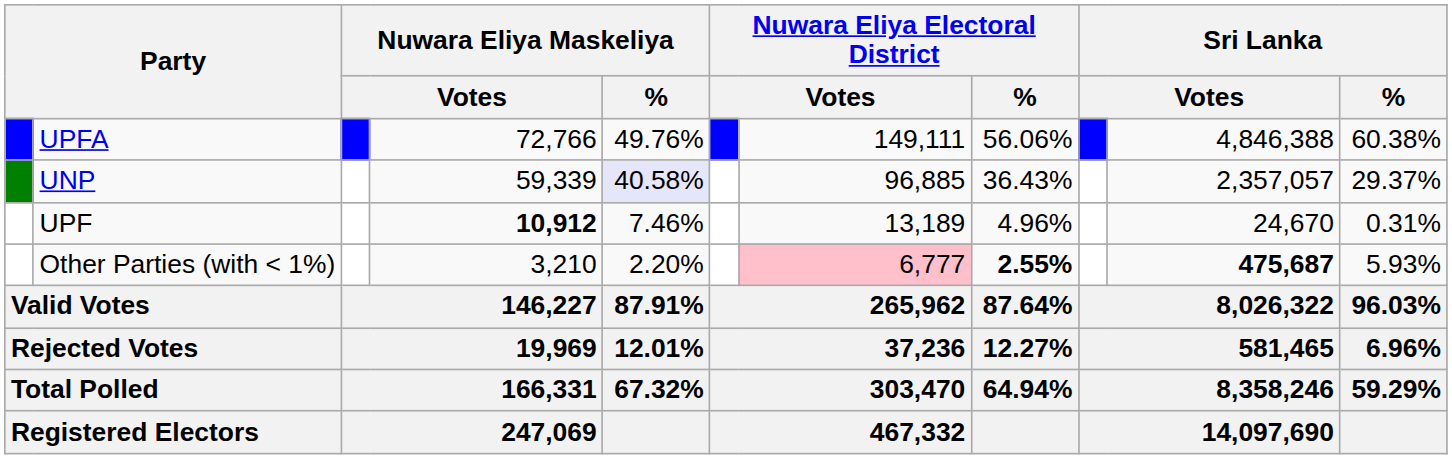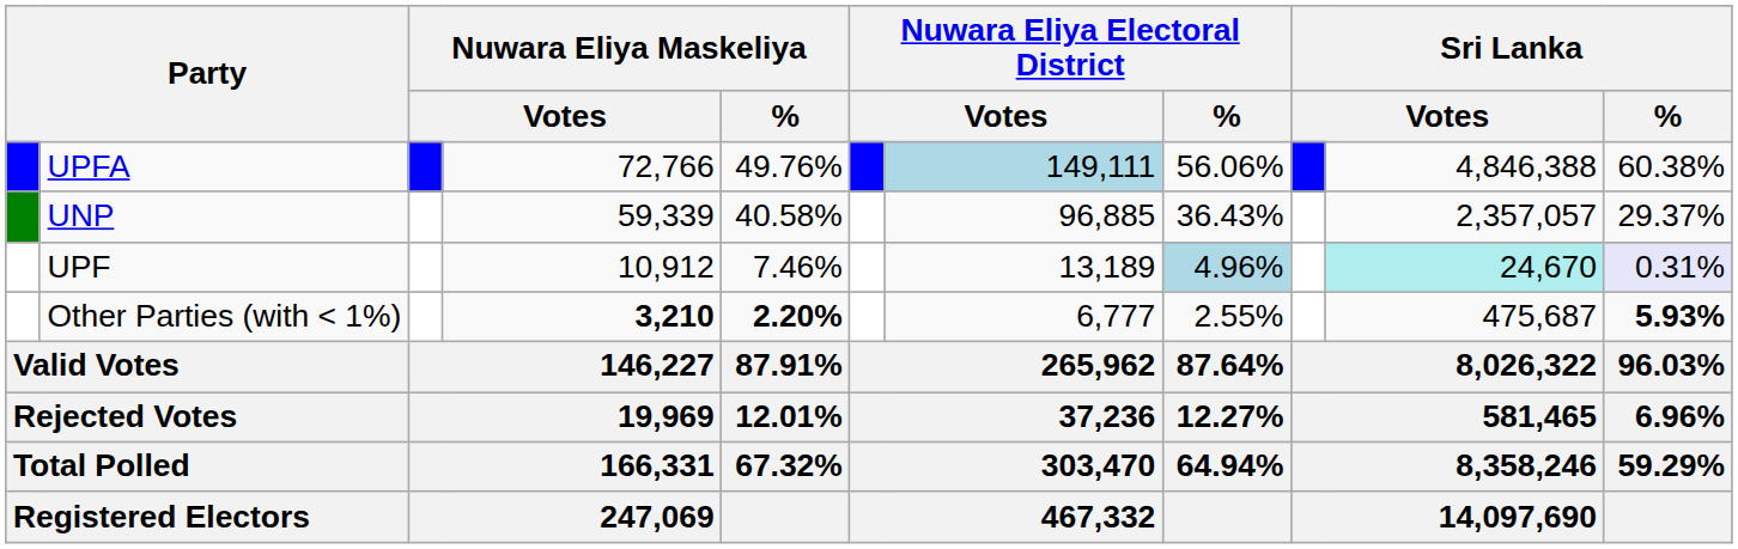 <table class="wikitable">
 <tr>
 <th colspan="2" width="144px"rowspan="2">Party</th>
 <th colspan="3" width="216px">Nuwara Eliya Maskeliya</th>
 <th colspan="3" width="216px"><a href='#'>Nuwara Eliya Electoral District</a></th>
 <th colspan="3" width="216px">Sri Lanka</th>
 </tr>
 <tr>
 <th colspan="2" width="144px">Votes</th>
 <th>%</th>
 <th colspan="2" width="144px">Votes</th>
 <th>%</th>
 <th colspan="2" width="144px">Votes</th>
 <th>%</th>
 </tr>
 <tr>
 <td style="background-color:blue;" width="10px"></td>
 <td style="text-align:left;"><a href='#'>UPFA</a></td>
 <td style="background-color:blue;" width="10px"></td>
 <td style="text-align:right;">72,766</td>
 <td style="text-align:right;">49.76%</td>
 <td style="background-color:blue;" width="10px"></td>
-<td style="text-align:right;">149,111</td>
+<td style="background: lightblue; text-align:right;">149,111</td>
 <td style="text-align:right;">56.06%</td>
 <td style="background-color:blue;" width="10px"></td>
 <td style="text-align:right;">4,846,388</td>
 <td style="text-align:right;">60.38%</td>
 </tr>
 <tr>
 <td style="background-color:green;" width="10px"></td>
 <td style="text-align:left;"><a href='#'>UNP</a></td>
 <td style="background-color:white;" width="10px"></td>
 <td style="text-align:right;">59,339</td>
-<td style="background: lavender; text-align:right;">40.58%</td>
+<td style="text-align:right;">40.58%</td>
 <td style="background-color:white;" width="10px"></td>
 <td style="text-align:right;">96,885</td>
 <td style="text-align:right;">36.43%</td>
 <td style="background-color:white;" width="10px"></td>
 <td style="text-align:right;">2,357,057</td>
 <td style="text-align:right;">29.37%</td>
 </tr>
 <tr>
 <td style="background-color:white;" width="10px"></td>
 <td style="text-align:left;">UPF</td>
 <td style="background-color:white;" width="10px"></td>
-<td style="text-align:right;"><strong>10,912</strong></td>
+<td style="text-align:right;">10,912</td>
 <td style="text-align:right;">7.46%</td>
 <td style="background-color:white;" width="10px"></td>
 <td style="text-align:right;">13,189</td>
-<td style="text-align:right;">4.96%</td>
+<td style="background: lightblue; text-align:right;">4.96%</td>
 <td style="background-color:white;" width="10px"></td>
-<td style="text-align:right;">24,670</td>
-<td style="text-align:right;">0.31%</td>
+<td style="background: paleturquoise; text-align:right;">24,670</td>
+<td style="background: lavender; text-align:right;">0.31%</td>
 </tr>
 <tr>
 <td style="background-color:white;" width="10px"></td>
 <td style="text-align:left;">Other Parties (with < 1%)</td>
 <td style="background-color:white;" width="10px"></td>
-<td style="text-align:right;">3,210</td>
-<td style="text-align:right;">2.20%</td>
+<td style="text-align:right;"><strong>3,210</strong></td>
+<td style="text-align:right;"><strong>2.20%</strong></td>
 <td style="background-color:white;" width="10px"></td>
-<td style="background: pink; text-align:right;">6,777</td>
-<td style="text-align:right;"><strong>2.55%</strong></td>
+<td style="text-align:right;">6,777</td>
+<td style="text-align:right;">2.55%</td>
 <td style="background-color:white;" width="10px"></td>
-<td style="text-align:right;"><strong>475,687</strong></td>
-<td style="text-align:right;">5.93%</td>
+<td style="text-align:right;">475,687</td>
+<td style="text-align:right;"><strong>5.93%</strong></td>
 </tr>
 <tr>
 <th colspan="2" width="144px"style="text-align:left;">Valid Votes</th>
 <th style="text-align:right;"colspan="2" width="144px">146,227</th>
 <th style="text-align:right;">87.91%</th>
 <th style="text-align:right;"colspan="2" width="144px">265,962</th>
 <th style="text-align:right;">87.64%</th>
 <th style="text-align:right;"colspan="2" width="144px">8,026,322</th>
 <th style="text-align:right;">96.03%</th>
 </tr>
 <tr>
 <th colspan="2" width="144px"style="text-align:left;">Rejected Votes</th>
 <th style="text-align:right;"colspan="2" width="144px">19,969</th>
 <th style="text-align:right;">12.01%</th>
 <th style="text-align:right;"colspan="2" width="144px">37,236</th>
 <th style="text-align:right;">12.27%</th>
 <th style="text-align:right;"colspan="2" width="144px">581,465</th>
 <th style="text-align:right;">6.96%</th>
 </tr>
 <tr>
 <th colspan="2" width="144px"style="text-align:left;">Total Polled</th>
 <th style="text-align:right;"colspan="2" width="144px">166,331</th>
 <th style="text-align:right;">67.32%</th>
 <th style="text-align:right;"colspan="2" width="144px">303,470</th>
 <th style="text-align:right;">64.94%</th>
 <th style="text-align:right;"colspan="2" width="144px">8,358,246</th>
 <th style="text-align:right;">59.29%</th>
 </tr>
 <tr>
 <th colspan="2" width="144px"style="text-align:left;">Registered Electors</th>
 <th style="text-align:right;"colspan="2" width="144px">247,069</th>
 <th></th>
 <th style="text-align:right;"colspan="2" width="144px">467,332</th>
 <th></th>
 <th style="text-align:right;"colspan="2" width="144px">14,097,690</th>
 <th></th>
 </tr>
 </table>
